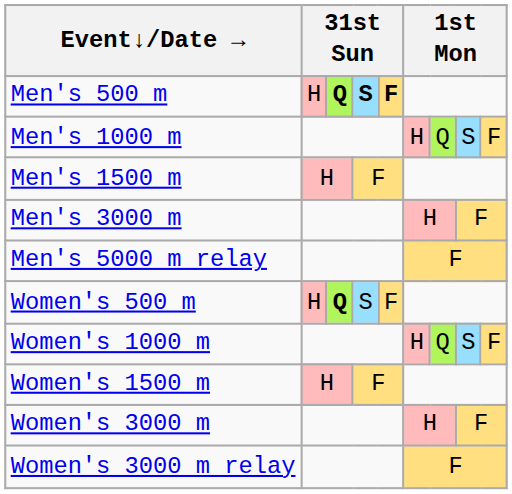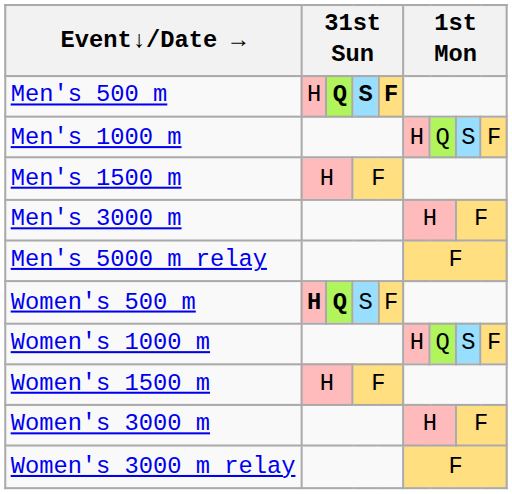 <table class="wikitable" style="margin:0.5em auto; font-size:90%; line-height:1.25em; text-align:center;">
 <tr>
 <th>Event↓/Date →</th>
 <th colspan=4>31st<br>Sun</th>
 <th colspan=4>1st<br>Mon</th>
 </tr>
 <tr>
 <td align="left"><a href='#'>Men's 500 m</a></td>
 <td bgcolor="#FFBBBB">H</td>
 <td bgcolor="#AFF55B"><strong>Q</strong></td>
 <td bgcolor="#97DEFF"><strong>S</strong></td>
 <td bgcolor="#FFDF80"><strong>F</strong></td>
 <td colspan=4></td>
 </tr>
 <tr>
 <td align="left"><a href='#'>Men's 1000 m</a></td>
 <td colspan=4></td>
 <td bgcolor="#FFBBBB">H</td>
 <td bgcolor="#AFF55B">Q</td>
 <td bgcolor="#97DEFF">S</td>
 <td bgcolor="#FFDF80">F</td>
 </tr>
 <tr>
 <td align="left"><a href='#'>Men's 1500 m</a></td>
 <td colspan=2 bgcolor="#FFBBBB">H</td>
 <td colspan=2 bgcolor="#FFDF80">F</td>
 <td colspan=4></td>
 </tr>
 <tr>
 <td align="left"><a href='#'>Men's 3000 m</a></td>
 <td colspan=4></td>
 <td colspan=2 bgcolor="#FFBBBB">H</td>
 <td colspan=2 bgcolor="#FFDF80">F</td>
 </tr>
 <tr>
 <td align="left"><a href='#'>Men's 5000 m relay</a></td>
 <td colspan=4></td>
 <td colspan=4 bgcolor="#FFDF80">F</td>
 </tr>
 <tr>
 <td align="left"><a href='#'>Women's 500 m</a></td>
-<td bgcolor="#FFBBBB">H</td>
+<td bgcolor="#FFBBBB"><strong>H</strong></td>
 <td bgcolor="#AFF55B"><strong>Q</strong></td>
 <td bgcolor="#97DEFF">S</td>
 <td bgcolor="#FFDF80">F</td>
 <td colspan=4></td>
 </tr>
 <tr>
 <td align="left"><a href='#'>Women's 1000 m</a></td>
 <td colspan=4></td>
 <td bgcolor="#FFBBBB">H</td>
 <td bgcolor="#AFF55B">Q</td>
 <td bgcolor="#97DEFF">S</td>
 <td bgcolor="#FFDF80">F</td>
 </tr>
 <tr>
 <td align="left"><a href='#'>Women's 1500 m</a></td>
 <td colspan=2 bgcolor="#FFBBBB">H</td>
 <td colspan=2 bgcolor="#FFDF80">F</td>
 <td colspan=4></td>
 </tr>
 <tr>
 <td align="left"><a href='#'>Women's 3000 m</a></td>
 <td colspan=4></td>
 <td colspan=2 bgcolor="#FFBBBB">H</td>
 <td colspan=2 bgcolor="#FFDF80">F</td>
 </tr>
 <tr>
 <td align="left"><a href='#'>Women's 3000 m relay</a></td>
 <td colspan=4></td>
 <td colspan=4 bgcolor="#FFDF80">F</td>
 </tr>
 </table>
